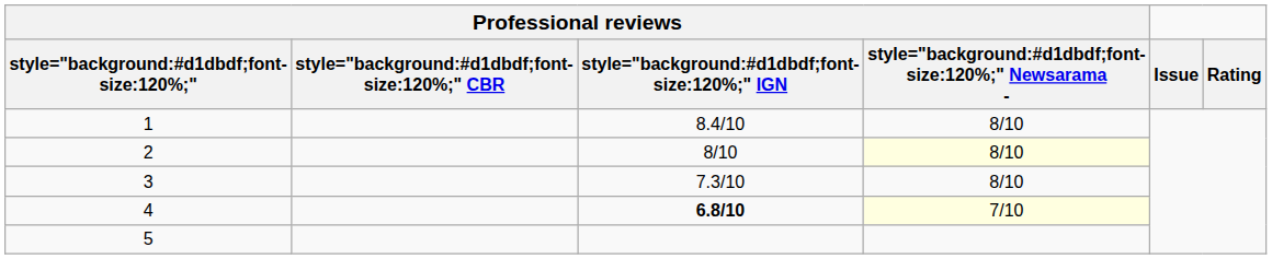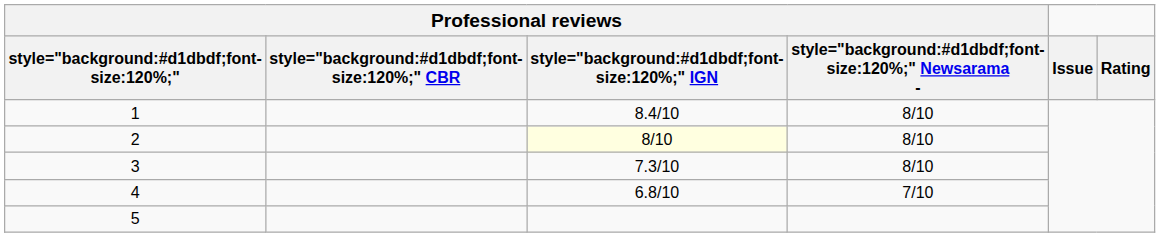 <table class="wikitable floatright" style="width:24.2em; font-size: 80%; text-align: center;">
 <tr>
 <th colspan="4" style="font-size:120%;">Professional reviews</th>
 </tr>
 <tr>
 <th>style="background:#d1dbdf;font-size:120%;" </th>
 <th>style="background:#d1dbdf;font-size:120%;"  <a href='#'>CBR</a></th>
 <th>style="background:#d1dbdf;font-size:120%;"  <a href='#'>IGN</a></th>
 <th>style="background:#d1dbdf;font-size:120%;"  <a href='#'>Newsarama</a><br>-</th>
 <th>Issue</th>
 <th colspan="3">Rating</th>
 </tr>
 <tr>
 <td>1</td>
 <td></td>
 <td>8.4/10</td>
 <td>8/10</td>
 </tr>
 <tr>
 <td>2</td>
 <td></td>
+<td style="background: lightyellow;">8/10</td>
 <td>8/10</td>
-<td style="background: lightyellow;">8/10</td>
 </tr>
 <tr>
 <td>3</td>
 <td></td>
 <td>7.3/10</td>
 <td>8/10</td>
 </tr>
 <tr>
 <td>4</td>
 <td></td>
-<td><strong>6.8/10</strong></td>
-<td style="background: lightyellow;">7/10</td>
+<td>6.8/10</td>
+<td>7/10</td>
 </tr>
 <tr>
 <td>5</td>
 <td></td>
 <td></td>
 <td></td>
 </tr>
 </table>
